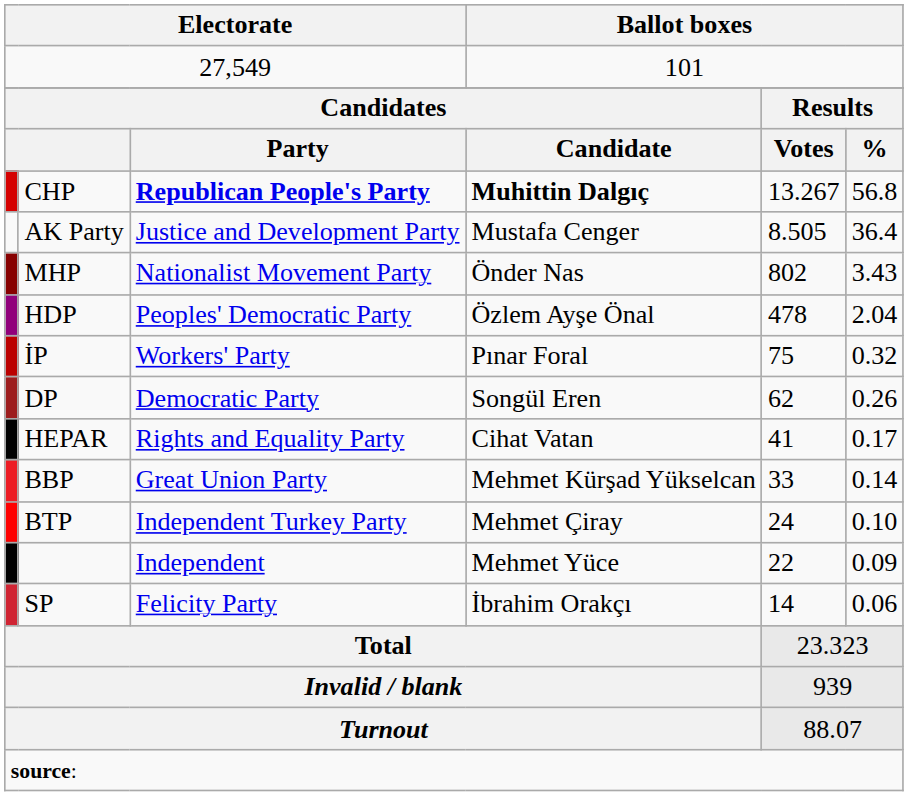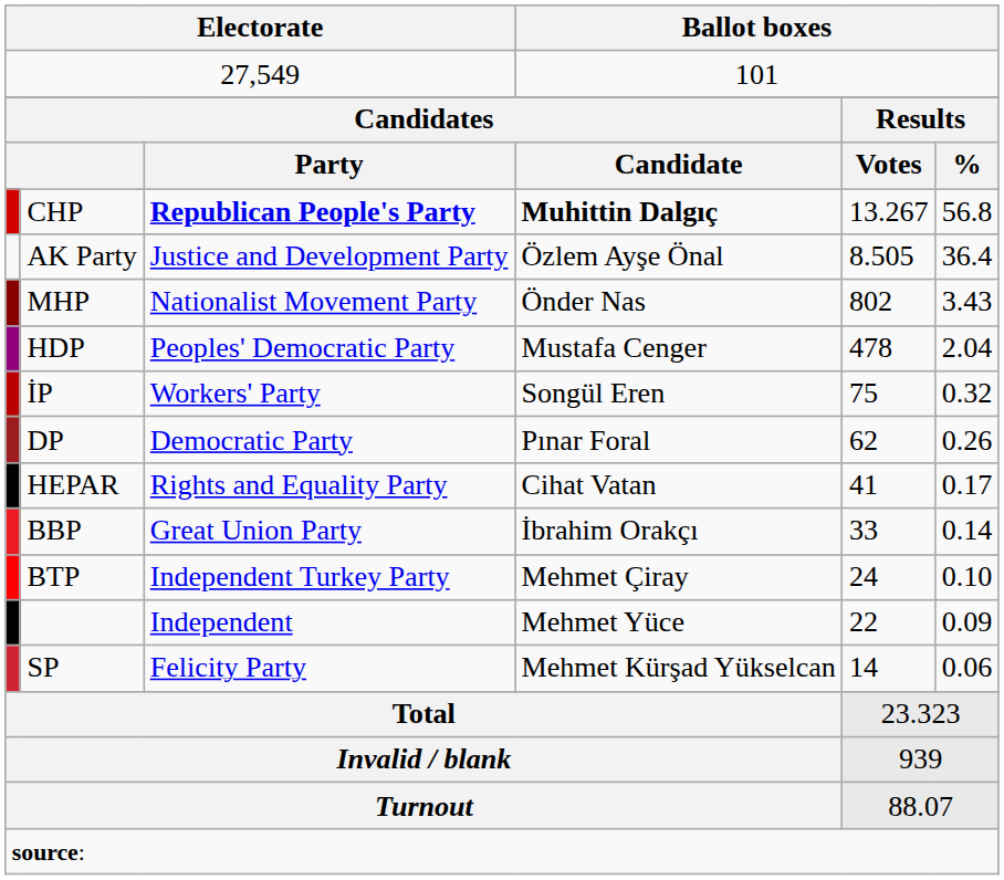 <table class="wikitable">
 <tr style="background-color:#F2F2F2">
 <td align="center" colspan="3"><strong>Electorate</strong></td>
 <td align="center" colspan="7"><strong>Ballot boxes</strong></td>
 </tr>
 <tr align="left">
 <td align="center" colspan="3">27,549</td>
 <td align="center" colspan="7">101</td>
 </tr>
 <tr>
 </tr>
 <tr style="background-color:#E9E9E9">
 </tr>
 <tr>
 <th align="center" colspan="4">Candidates</th>
 <th align="center" colspan="6">Results</th>
 </tr>
 <tr style="background-color:#E9E9E9">
 <th align="center" colspan="2"></th>
 <th align="center">Party</th>
 <th align="center">Candidate</th>
 <th align="center">Votes</th>
 <th align="center">%</th>
 </tr>
 <tr align="left">
 <td bgcolor="#d50000" width=1></td>
 <td>CHP</td>
 <td><strong><a href='#'>Republican People's Party</a></strong></td>
 <td><strong>Muhittin Dalgıç</strong></td>
 <td>13.267</td>
 <td>56.8</td>
 </tr>
 <tr align="left">
 <td></td>
 <td>AK Party</td>
 <td><a href='#'>Justice and Development Party</a></td>
-<td>Mustafa Cenger</td>
+<td>Özlem Ayşe Önal</td>
 <td>8.505</td>
 <td>36.4</td>
 </tr>
 <tr align="left">
 <td bgcolor="#870000" width=1></td>
 <td>MHP</td>
 <td><a href='#'>Nationalist Movement Party</a></td>
 <td>Önder Nas</td>
 <td>802</td>
 <td>3.43</td>
 </tr>
 <tr align="left">
 <td bgcolor="#91007B" width=1></td>
 <td>HDP</td>
 <td><a href='#'>Peoples' Democratic Party</a></td>
-<td>Özlem Ayşe Önal</td>
+<td>Mustafa Cenger</td>
 <td>478</td>
 <td>2.04</td>
 </tr>
 <tr align="left">
 <td bgcolor="#BB0000" width=1></td>
 <td>İP</td>
 <td><a href='#'>Workers' Party</a></td>
-<td>Pınar Foral</td>
+<td>Songül Eren</td>
 <td>75</td>
 <td>0.32</td>
 </tr>
 <tr align="left">
 <td bgcolor="#9D1D1E" width=1></td>
 <td>DP</td>
 <td><a href='#'>Democratic Party</a></td>
-<td>Songül Eren</td>
+<td>Pınar Foral</td>
 <td>62</td>
 <td>0.26</td>
 </tr>
 <tr align="left">
 <td bgcolor="#000000" width=1></td>
 <td>HEPAR</td>
 <td><a href='#'>Rights and Equality Party</a></td>
 <td>Cihat Vatan</td>
 <td>41</td>
 <td>0.17</td>
 </tr>
 <tr align="left">
 <td bgcolor="#ED1C24" width=1></td>
 <td>BBP</td>
 <td><a href='#'>Great Union Party</a></td>
-<td>Mehmet Kürşad Yükselcan</td>
+<td>İbrahim Orakçı</td>
 <td>33</td>
 <td>0.14</td>
 </tr>
 <tr align="left">
 <td bgcolor="#FE0000" width=1></td>
 <td>BTP</td>
 <td><a href='#'>Independent Turkey Party</a></td>
 <td>Mehmet Çiray</td>
 <td>24</td>
 <td>0.10</td>
 </tr>
 <tr align="left">
 <td bgcolor=" " width=1></td>
 <td></td>
 <td><a href='#'>Independent</a></td>
 <td>Mehmet Yüce</td>
 <td>22</td>
 <td>0.09</td>
 </tr>
 <tr align="left">
 <td bgcolor="#D02433" width=1></td>
 <td>SP</td>
 <td><a href='#'>Felicity Party</a></td>
-<td>İbrahim Orakçı</td>
+<td>Mehmet Kürşad Yükselcan</td>
 <td>14</td>
 <td>0.06</td>
 </tr>
 <tr style="background-color:#E9E9E9" align="left">
 <th align="center" colspan="4"><strong>Total</strong></th>
 <td align="center" colspan="5">23.323</td>
 </tr>
 <tr style="background-color:#E9E9E9" align="left">
 <th align="center" colspan="4"><em>Invalid / blank</em></th>
 <td align="center" colspan="5">939</td>
 </tr>
 <tr style="background-color:#E9E9E9" align="left">
 <th align="center" colspan="4"><em>Turnout</em></th>
 <td align="center" colspan="5">88.07</td>
 </tr>
 <tr>
 <td align="left" colspan=10><small><strong>source</strong>: </small></td>
 </tr>
 </table>
